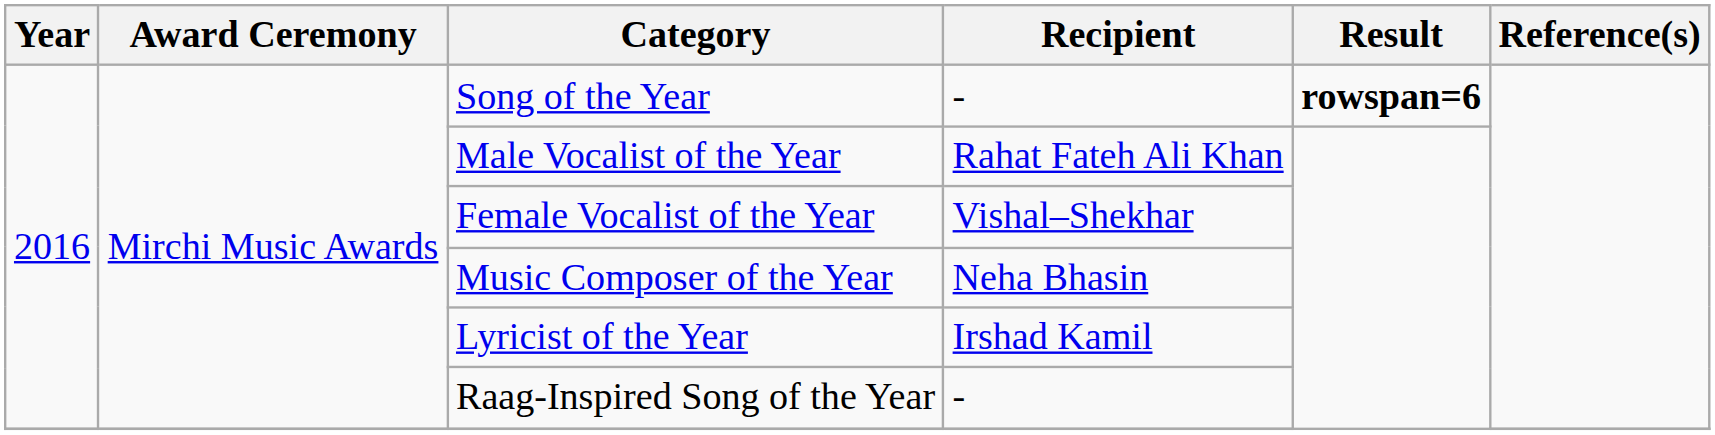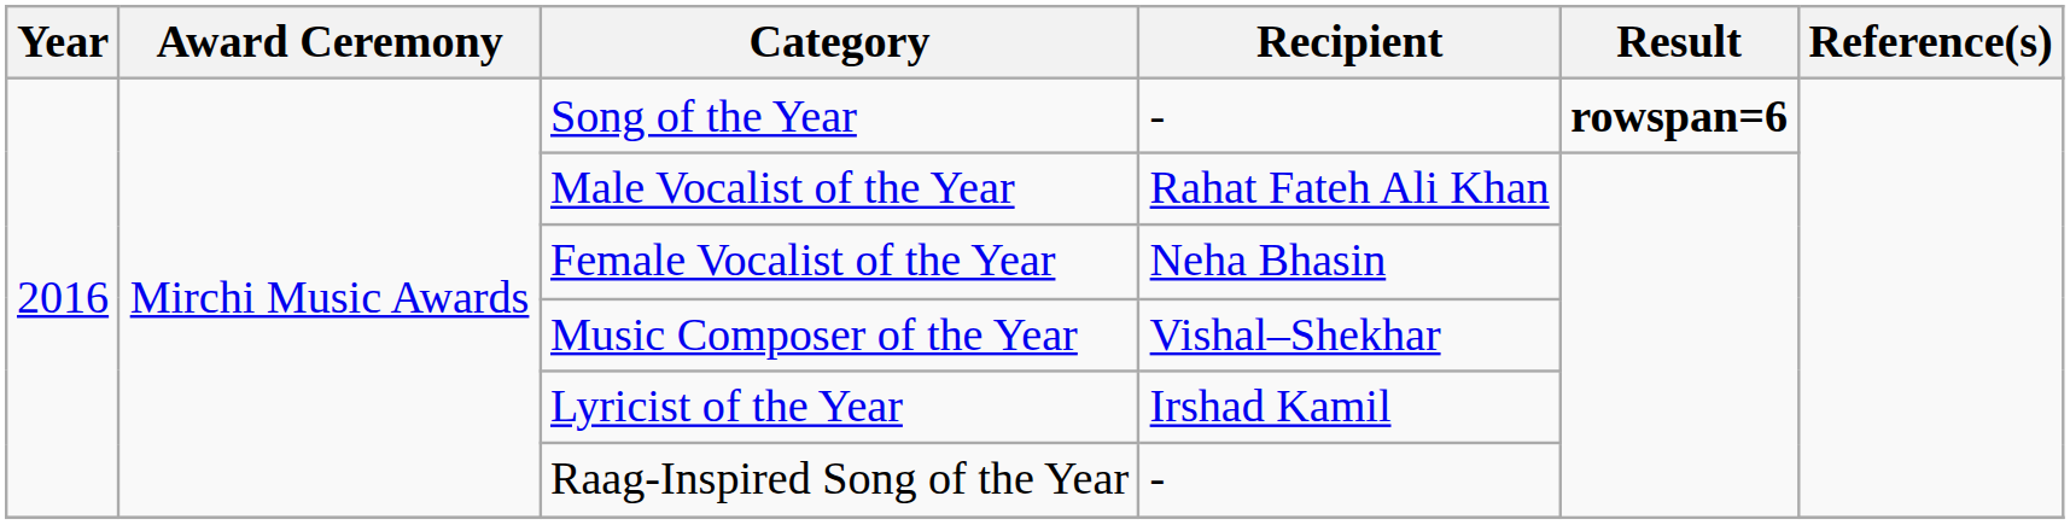 <table class="wikitable">
 <tr>
 <th>Year</th>
 <th>Award Ceremony</th>
 <th>Category</th>
 <th>Recipient</th>
 <th>Result</th>
 <th>Reference(s)</th>
 </tr>
 <tr>
 <td rowspan=6><a href='#'>2016</a></td>
 <td rowspan=6><a href='#'>Mirchi Music Awards</a></td>
 <td><a href='#'>Song of the Year</a></td>
 <td>-</td>
 <td><strong>rowspan=6 </strong></td>
 <td rowspan=6></td>
 </tr>
 <tr>
 <td><a href='#'>Male Vocalist of the Year</a></td>
 <td><a href='#'>Rahat Fateh Ali Khan</a></td>
 </tr>
 <tr>
 <td><a href='#'>Female Vocalist of the Year</a></td>
-<td><a href='#'>Vishal–Shekhar</a></td>
+<td><a href='#'>Neha Bhasin</a></td>
 </tr>
 <tr>
 <td><a href='#'>Music Composer of the Year</a></td>
-<td><a href='#'>Neha Bhasin</a></td>
+<td><a href='#'>Vishal–Shekhar</a></td>
 </tr>
 <tr>
 <td><a href='#'>Lyricist of the Year</a></td>
 <td><a href='#'>Irshad Kamil</a></td>
 </tr>
 <tr>
 <td>Raag-Inspired Song of the Year</td>
 <td>-</td>
 </tr>
 <tr>
 </tr>
 </table>
